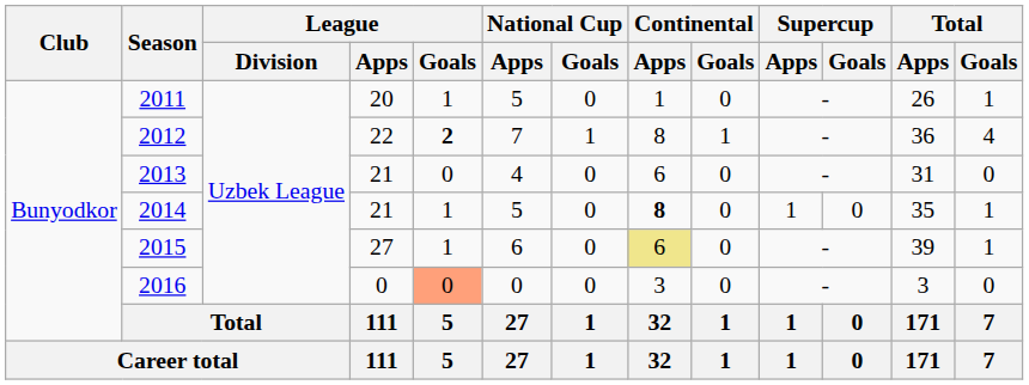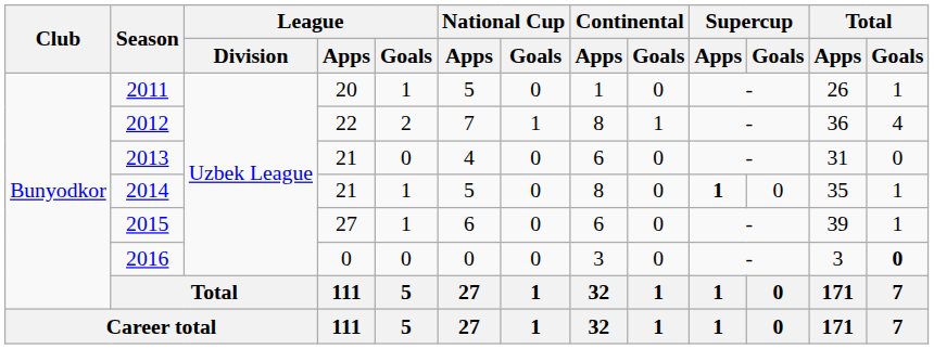 <table class="wikitable" style="text-align: center;">
 <tr>
 <th rowspan="2">Club</th>
 <th rowspan="2">Season</th>
 <th colspan="3">League</th>
 <th colspan="2">National Cup</th>
 <th colspan="2">Continental</th>
 <th colspan="2">Supercup</th>
 <th colspan="2">Total</th>
 </tr>
 <tr>
 <th>Division</th>
 <th>Apps</th>
 <th>Goals</th>
 <th>Apps</th>
 <th>Goals</th>
 <th>Apps</th>
 <th>Goals</th>
 <th>Apps</th>
 <th>Goals</th>
 <th>Apps</th>
 <th>Goals</th>
 </tr>
 <tr>
 <td rowspan="7" valign="center"><a href='#'>Bunyodkor</a></td>
 <td><a href='#'>2011</a></td>
 <td rowspan="6" valign="center"><a href='#'>Uzbek League</a></td>
 <td>20</td>
 <td>1</td>
 <td>5</td>
 <td>0</td>
 <td>1</td>
 <td>0</td>
 <td colspan="2">-</td>
 <td>26</td>
 <td>1</td>
 </tr>
 <tr>
 <td><a href='#'>2012</a></td>
 <td>22</td>
-<td><strong>2</strong></td>
+<td>2</td>
 <td>7</td>
 <td>1</td>
 <td>8</td>
 <td>1</td>
 <td colspan="2">-</td>
 <td>36</td>
 <td>4</td>
 </tr>
 <tr>
 <td><a href='#'>2013</a></td>
 <td>21</td>
 <td>0</td>
 <td>4</td>
 <td>0</td>
 <td>6</td>
 <td>0</td>
 <td colspan="2">-</td>
 <td>31</td>
 <td>0</td>
 </tr>
 <tr>
 <td><a href='#'>2014</a></td>
 <td>21</td>
 <td>1</td>
 <td>5</td>
 <td>0</td>
-<td><strong>8</strong></td>
+<td>8</td>
 <td>0</td>
-<td>1</td>
+<td><strong>1</strong></td>
 <td>0</td>
 <td>35</td>
 <td>1</td>
 </tr>
 <tr>
 <td><a href='#'>2015</a></td>
 <td>27</td>
 <td>1</td>
 <td>6</td>
 <td>0</td>
-<td style="background: khaki;">6</td>
+<td>6</td>
 <td>0</td>
 <td colspan="2">-</td>
 <td>39</td>
 <td>1</td>
 </tr>
 <tr>
 <td><a href='#'>2016</a></td>
 <td>0</td>
-<td style="background: lightsalmon;">0</td>
+<td>0</td>
 <td>0</td>
 <td>0</td>
 <td>3</td>
 <td>0</td>
 <td colspan="2">-</td>
 <td>3</td>
-<td>0</td>
+<td><strong>0</strong></td>
 </tr>
 <tr>
 <th colspan="2">Total</th>
 <th>111</th>
 <th>5</th>
 <th>27</th>
 <th>1</th>
 <th>32</th>
 <th>1</th>
 <th>1</th>
 <th>0</th>
 <th>171</th>
 <th>7</th>
 </tr>
 <tr>
 <th colspan="3">Career total</th>
 <th>111</th>
 <th>5</th>
 <th>27</th>
 <th>1</th>
 <th>32</th>
 <th>1</th>
 <th>1</th>
 <th>0</th>
 <th>171</th>
 <th>7</th>
 </tr>
 </table>
